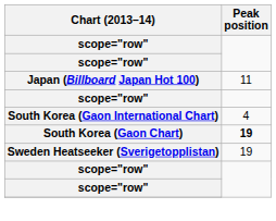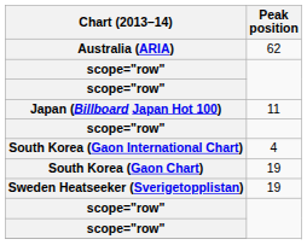 <table class="wikitable sortable plainrowheaders">
 <tr>
 <th>Chart (2013–14)</th>
 <th>Peak<br>position</th>
+</tr>
+<tr>
+<th scope="row">Australia (<a href='#'>ARIA</a>)</th>
+<td style="text-align:center;">62</td>
 </tr>
 <tr>
 <th>scope="row"</th>
 </tr>
 <tr>
 <th>scope="row"</th>
 </tr>
 <tr>
 <th scope="row">Japan (<em><a href='#'>Billboard</a></em> <a href='#'>Japan Hot 100</a>)</th>
 <td style="text-align:center;">11</td>
 </tr>
 <tr>
 <th>scope="row"</th>
 </tr>
 <tr>
 <th scope="row">South Korea (<a href='#'>Gaon International Chart</a>)</th>
 <td style="text-align:center;">4</td>
 </tr>
 <tr>
 <th scope="row">South Korea (<a href='#'>Gaon Chart</a>)</th>
-<td style="text-align:center;"><strong>19</strong></td>
+<td style="text-align:center;">19</td>
 </tr>
 <tr>
 <th scope="row">Sweden Heatseeker (<a href='#'>Sverigetopplistan</a>)<br><em></em></th>
 <td style="text-align:center;">19</td>
 </tr>
 <tr>
 <th>scope="row"</th>
 </tr>
 <tr>
 <th>scope="row"</th>
 </tr>
 <tr>
 </tr>
 </table>
